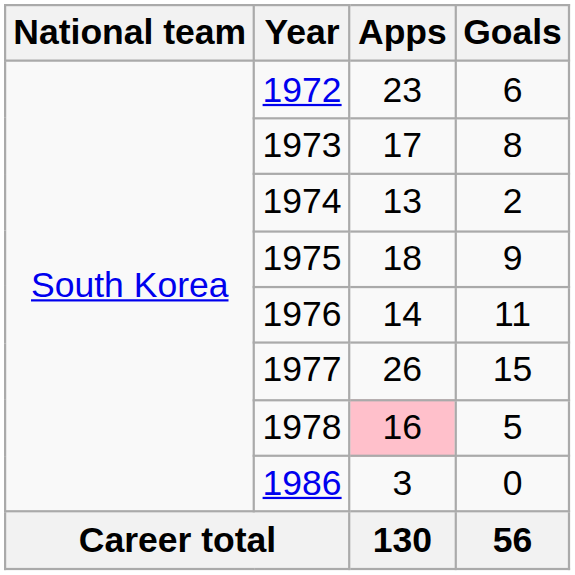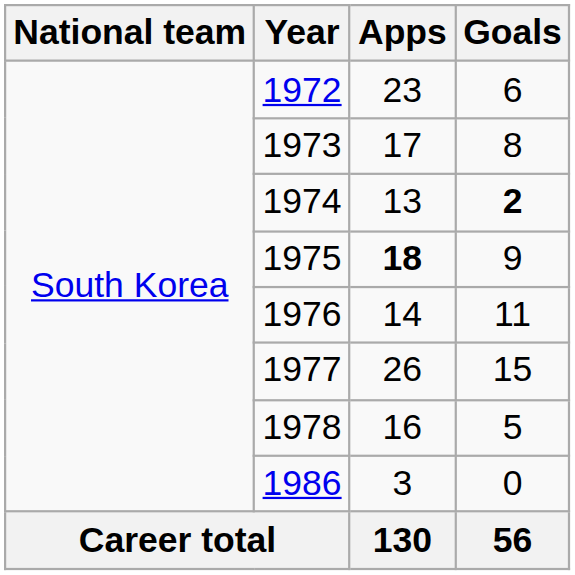 <table class="wikitable" style="text-align:center">
 <tr>
 <th>National team</th>
 <th>Year</th>
 <th>Apps</th>
 <th>Goals</th>
 </tr>
 <tr>
 <td rowspan=8><a href='#'>South Korea</a></td>
 <td><a href='#'>1972</a></td>
 <td>23</td>
 <td>6</td>
 </tr>
 <tr>
 <td>1973</td>
 <td>17</td>
 <td>8</td>
 </tr>
 <tr>
 <td>1974</td>
 <td>13</td>
-<td>2</td>
+<td><strong>2</strong></td>
 </tr>
 <tr>
 <td>1975</td>
-<td>18</td>
+<td><strong>18</strong></td>
 <td>9</td>
 </tr>
 <tr>
 <td>1976</td>
 <td>14</td>
 <td>11</td>
 </tr>
 <tr>
 <td>1977</td>
 <td>26</td>
 <td>15</td>
 </tr>
 <tr>
 <td>1978</td>
-<td style="background: pink;">16</td>
+<td>16</td>
 <td>5</td>
 </tr>
 <tr>
 <td><a href='#'>1986</a></td>
 <td>3</td>
 <td>0</td>
 </tr>
 <tr>
 <th colspan=2>Career total</th>
 <th>130</th>
 <th>56</th>
 </tr>
 </table>
